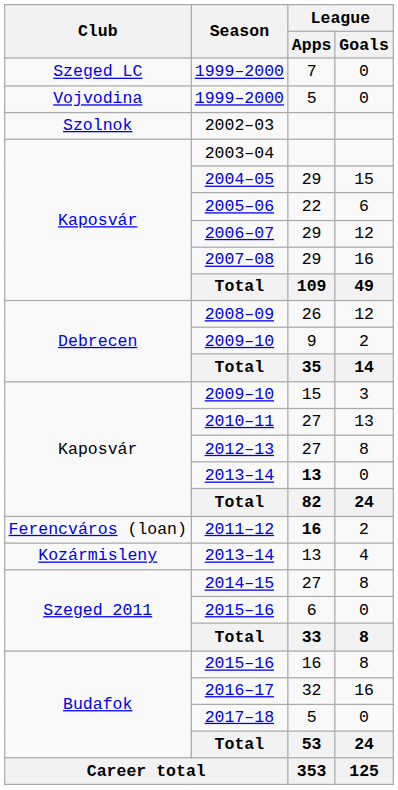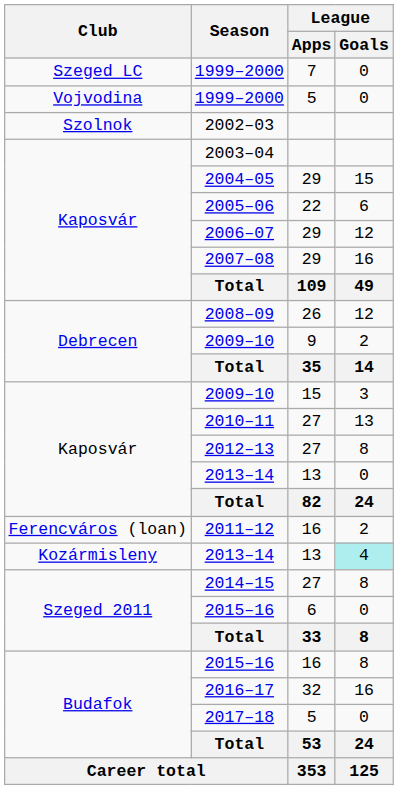 <table class="wikitable" style="text-align:center">
 <tr>
 <th rowspan="2">Club</th>
 <th rowspan="2">Season</th>
 <th colspan="2">League</th>
 </tr>
 <tr>
 <th>Apps</th>
 <th>Goals</th>
 </tr>
 <tr>
 <td><a href='#'>Szeged LC</a></td>
 <td><a href='#'>1999–2000</a></td>
 <td>7</td>
 <td>0</td>
 </tr>
 <tr>
 <td><a href='#'>Vojvodina</a></td>
 <td><a href='#'>1999–2000</a></td>
 <td>5</td>
 <td>0</td>
 </tr>
 <tr>
 <td><a href='#'>Szolnok</a></td>
 <td>2002–03</td>
 <td></td>
 <td></td>
 </tr>
 <tr>
 <td rowspan="6"><a href='#'>Kaposvár</a></td>
 <td>2003–04</td>
 <td></td>
 <td></td>
 </tr>
 <tr>
 <td><a href='#'>2004–05</a></td>
 <td>29</td>
 <td>15</td>
 </tr>
 <tr>
 <td><a href='#'>2005–06</a></td>
 <td>22</td>
 <td>6</td>
 </tr>
 <tr>
 <td><a href='#'>2006–07</a></td>
 <td>29</td>
 <td>12</td>
 </tr>
 <tr>
 <td><a href='#'>2007–08</a></td>
 <td>29</td>
 <td>16</td>
 </tr>
 <tr>
 <th>Total</th>
 <th>109</th>
 <th>49</th>
 </tr>
 <tr>
 <td rowspan="3"><a href='#'>Debrecen</a></td>
 <td><a href='#'>2008–09</a></td>
 <td>26</td>
 <td>12</td>
 </tr>
 <tr>
 <td><a href='#'>2009–10</a></td>
 <td>9</td>
 <td>2</td>
 </tr>
 <tr>
 <th>Total</th>
 <th>35</th>
 <th>14</th>
 </tr>
 <tr>
 <td rowspan="5">Kaposvár</td>
 <td><a href='#'>2009–10</a></td>
 <td>15</td>
 <td>3</td>
 </tr>
 <tr>
 <td><a href='#'>2010–11</a></td>
 <td>27</td>
 <td>13</td>
 </tr>
 <tr>
 <td><a href='#'>2012–13</a></td>
 <td>27</td>
 <td>8</td>
 </tr>
 <tr>
 <td><a href='#'>2013–14</a></td>
-<td><strong>13</strong></td>
+<td>13</td>
 <td>0</td>
 </tr>
 <tr>
 <th>Total</th>
 <th>82</th>
 <th>24</th>
 </tr>
 <tr>
 <td><a href='#'>Ferencváros</a> (loan)</td>
 <td><a href='#'>2011–12</a></td>
-<td><strong>16</strong></td>
+<td>16</td>
 <td>2</td>
 </tr>
 <tr>
 <td><a href='#'>Kozármisleny</a></td>
 <td><a href='#'>2013–14</a></td>
 <td>13</td>
-<td>4</td>
+<td style="background: paleturquoise;">4</td>
 </tr>
 <tr>
 <td rowspan="3"><a href='#'>Szeged 2011</a></td>
 <td><a href='#'>2014–15</a></td>
 <td>27</td>
 <td>8</td>
 </tr>
 <tr>
 <td><a href='#'>2015–16</a></td>
 <td>6</td>
 <td>0</td>
 </tr>
 <tr>
 <th>Total</th>
 <th>33</th>
 <th>8</th>
 </tr>
 <tr>
 <td rowspan="4"><a href='#'>Budafok</a></td>
 <td><a href='#'>2015–16</a></td>
 <td>16</td>
 <td>8</td>
 </tr>
 <tr>
 <td><a href='#'>2016–17</a></td>
 <td>32</td>
 <td>16</td>
 </tr>
 <tr>
 <td><a href='#'>2017–18</a></td>
 <td>5</td>
 <td>0</td>
 </tr>
 <tr>
 <th>Total</th>
 <th>53</th>
 <th>24</th>
 </tr>
 <tr>
 <th colspan="2">Career total</th>
 <th>353</th>
 <th>125</th>
 </tr>
 </table>
